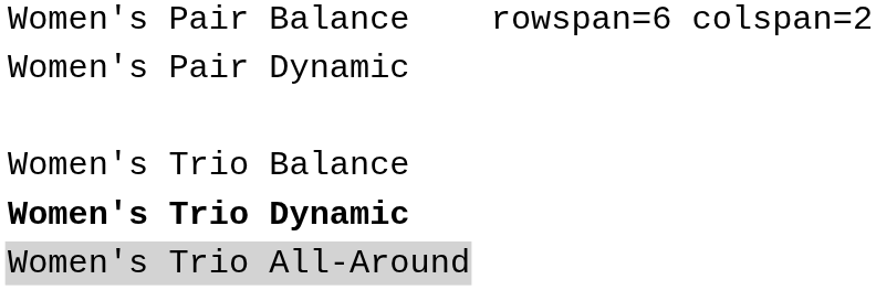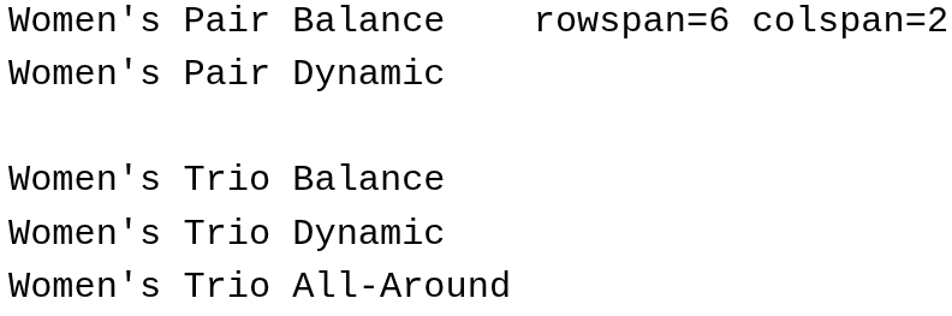 <table>
 <tr>
 <td>Women's Pair Balance</td>
 <td><br></td>
 <td>rowspan=6 colspan=2 </td>
 </tr>
 <tr>
 <td>Women's Pair Dynamic</td>
 <td><br></td>
 </tr>
 <tr>
 <td></td>
 <td><br></td>
 </tr>
 <tr>
 <td>Women's Trio Balance</td>
 <td><br></td>
 </tr>
 <tr>
-<td><strong>Women's Trio Dynamic</strong></td>
+<td>Women's Trio Dynamic</td>
 <td><br></td>
 </tr>
 <tr>
-<td style="background: lightgrey;">Women's Trio All-Around</td>
+<td>Women's Trio All-Around</td>
 <td><br></td>
 </tr>
 </table>
